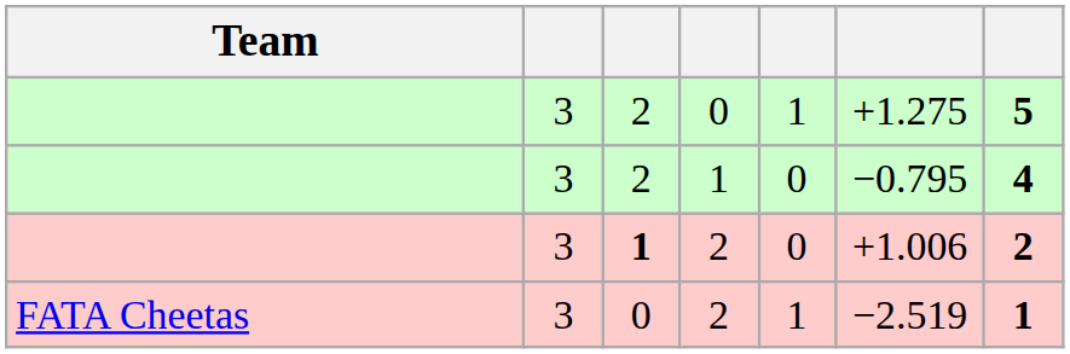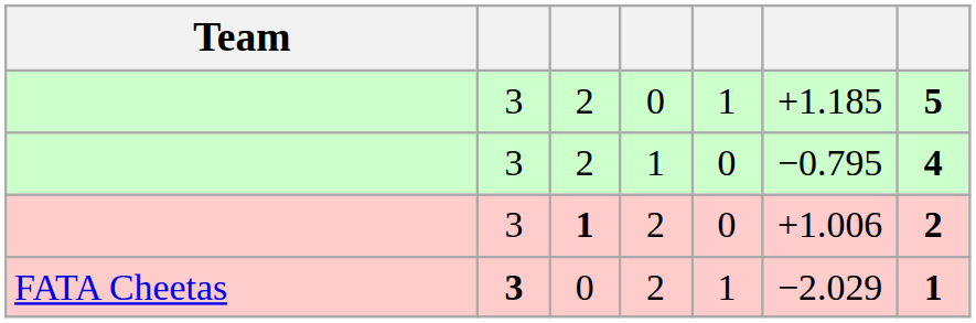 <table class="wikitable" style="text-align:center">
 <tr>
 <th style="width:175px;">Team</th>
 <th style="width:20px;"></th>
 <th style="width:20px;"></th>
 <th style="width:20px;"></th>
 <th style="width:20px;"></th>
 <th style="width:45px;"></th>
 <th style="width:20px;"></th>
 </tr>
 <tr style="background:#ccffcc; font-size:90%">
 <td style="text-align:left"></td>
 <td>3</td>
 <td>2</td>
 <td>0</td>
 <td>1</td>
-<td>+1.275</td>
+<td>+1.185</td>
 <td><strong>5</strong></td>
 </tr>
 <tr style="background:#ccffcc; font-size:90%">
 <td style="text-align:left"></td>
 <td>3</td>
 <td>2</td>
 <td>1</td>
 <td>0</td>
 <td>−0.795</td>
 <td><strong>4</strong></td>
 </tr>
 <tr style="background:#ffcccc; font-size:90%">
 <td style="text-align:left"></td>
 <td>3</td>
 <td><strong>1</strong></td>
 <td>2</td>
 <td>0</td>
 <td>+1.006</td>
 <td><strong>2</strong></td>
 </tr>
 <tr style="background:#ffcccc; font-size:90%">
 <td style="text-align:left"><a href='#'>FATA Cheetas</a></td>
-<td>3</td>
+<td><strong>3</strong></td>
 <td>0</td>
 <td>2</td>
 <td>1</td>
-<td>−2.519</td>
+<td>−2.029</td>
 <td><strong>1</strong></td>
 </tr>
 </table>
